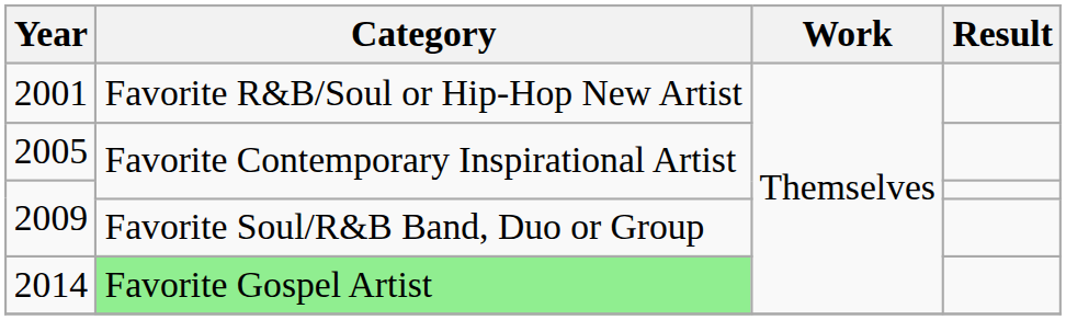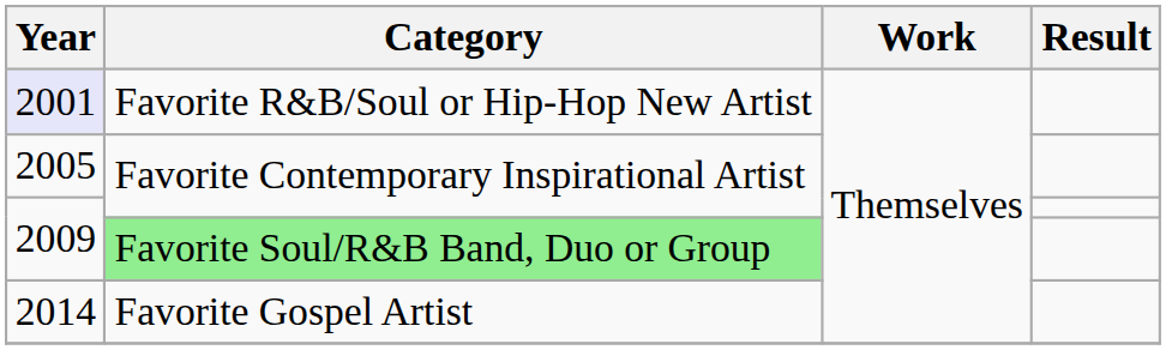 <table class="wikitable">
 <tr>
 <th>Year</th>
 <th>Category</th>
 <th>Work</th>
 <th>Result</th>
 </tr>
 <tr>
-<td>2001</td>
+<td style="background: lavender;">2001</td>
 <td>Favorite R&B/Soul or Hip-Hop New Artist</td>
 <td rowspan="5">Themselves</td>
 <td></td>
 </tr>
 <tr>
 <td>2005</td>
 <td rowspan="2">Favorite Contemporary Inspirational Artist</td>
 <td></td>
 </tr>
 <tr>
 <td rowspan="2">2009</td>
 <td></td>
 </tr>
 <tr>
-<td>Favorite Soul/R&B Band, Duo or Group</td>
+<td style="background: lightgreen;">Favorite Soul/R&B Band, Duo or Group</td>
 <td></td>
 </tr>
 <tr>
 <td>2014</td>
-<td style="background: lightgreen;">Favorite Gospel Artist</td>
+<td>Favorite Gospel Artist</td>
 <td></td>
 </tr>
 <tr>
 </tr>
 </table>
